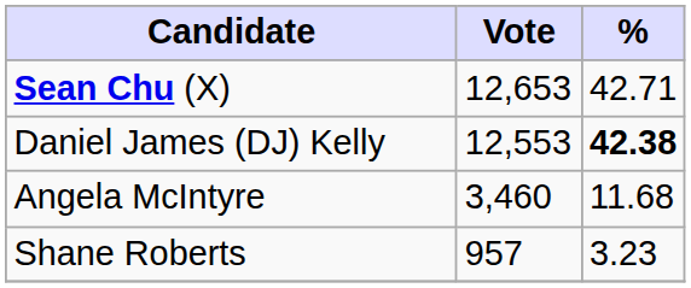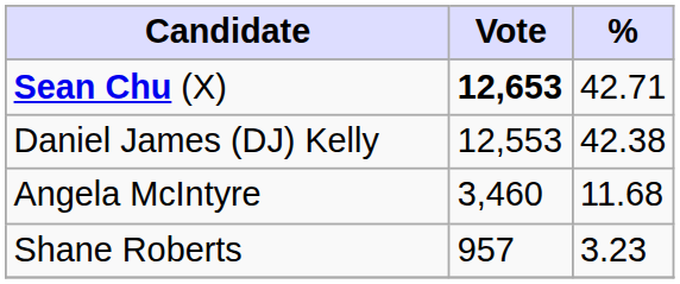 <table class="wikitable">
 <tr>
 <th style="background:#ddf; width:200px;">Candidate</th>
 <th style="background:#ddf; width:50px;">Vote</th>
 <th style="background:#ddf; width:30px;">%</th>
 </tr>
 <tr>
 <td><strong><a href='#'>Sean Chu</a></strong> (X)</td>
-<td>12,653</td>
+<td><strong>12,653</strong></td>
 <td>42.71</td>
 </tr>
 <tr>
 <td>Daniel James (DJ) Kelly</td>
 <td>12,553</td>
-<td><strong>42.38</strong></td>
+<td>42.38</td>
 </tr>
 <tr>
 <td>Angela McIntyre</td>
 <td>3,460</td>
 <td>11.68</td>
 </tr>
 <tr>
 <td>Shane Roberts</td>
 <td>957</td>
 <td>3.23</td>
 </tr>
 <tr>
 </tr>
 </table>
